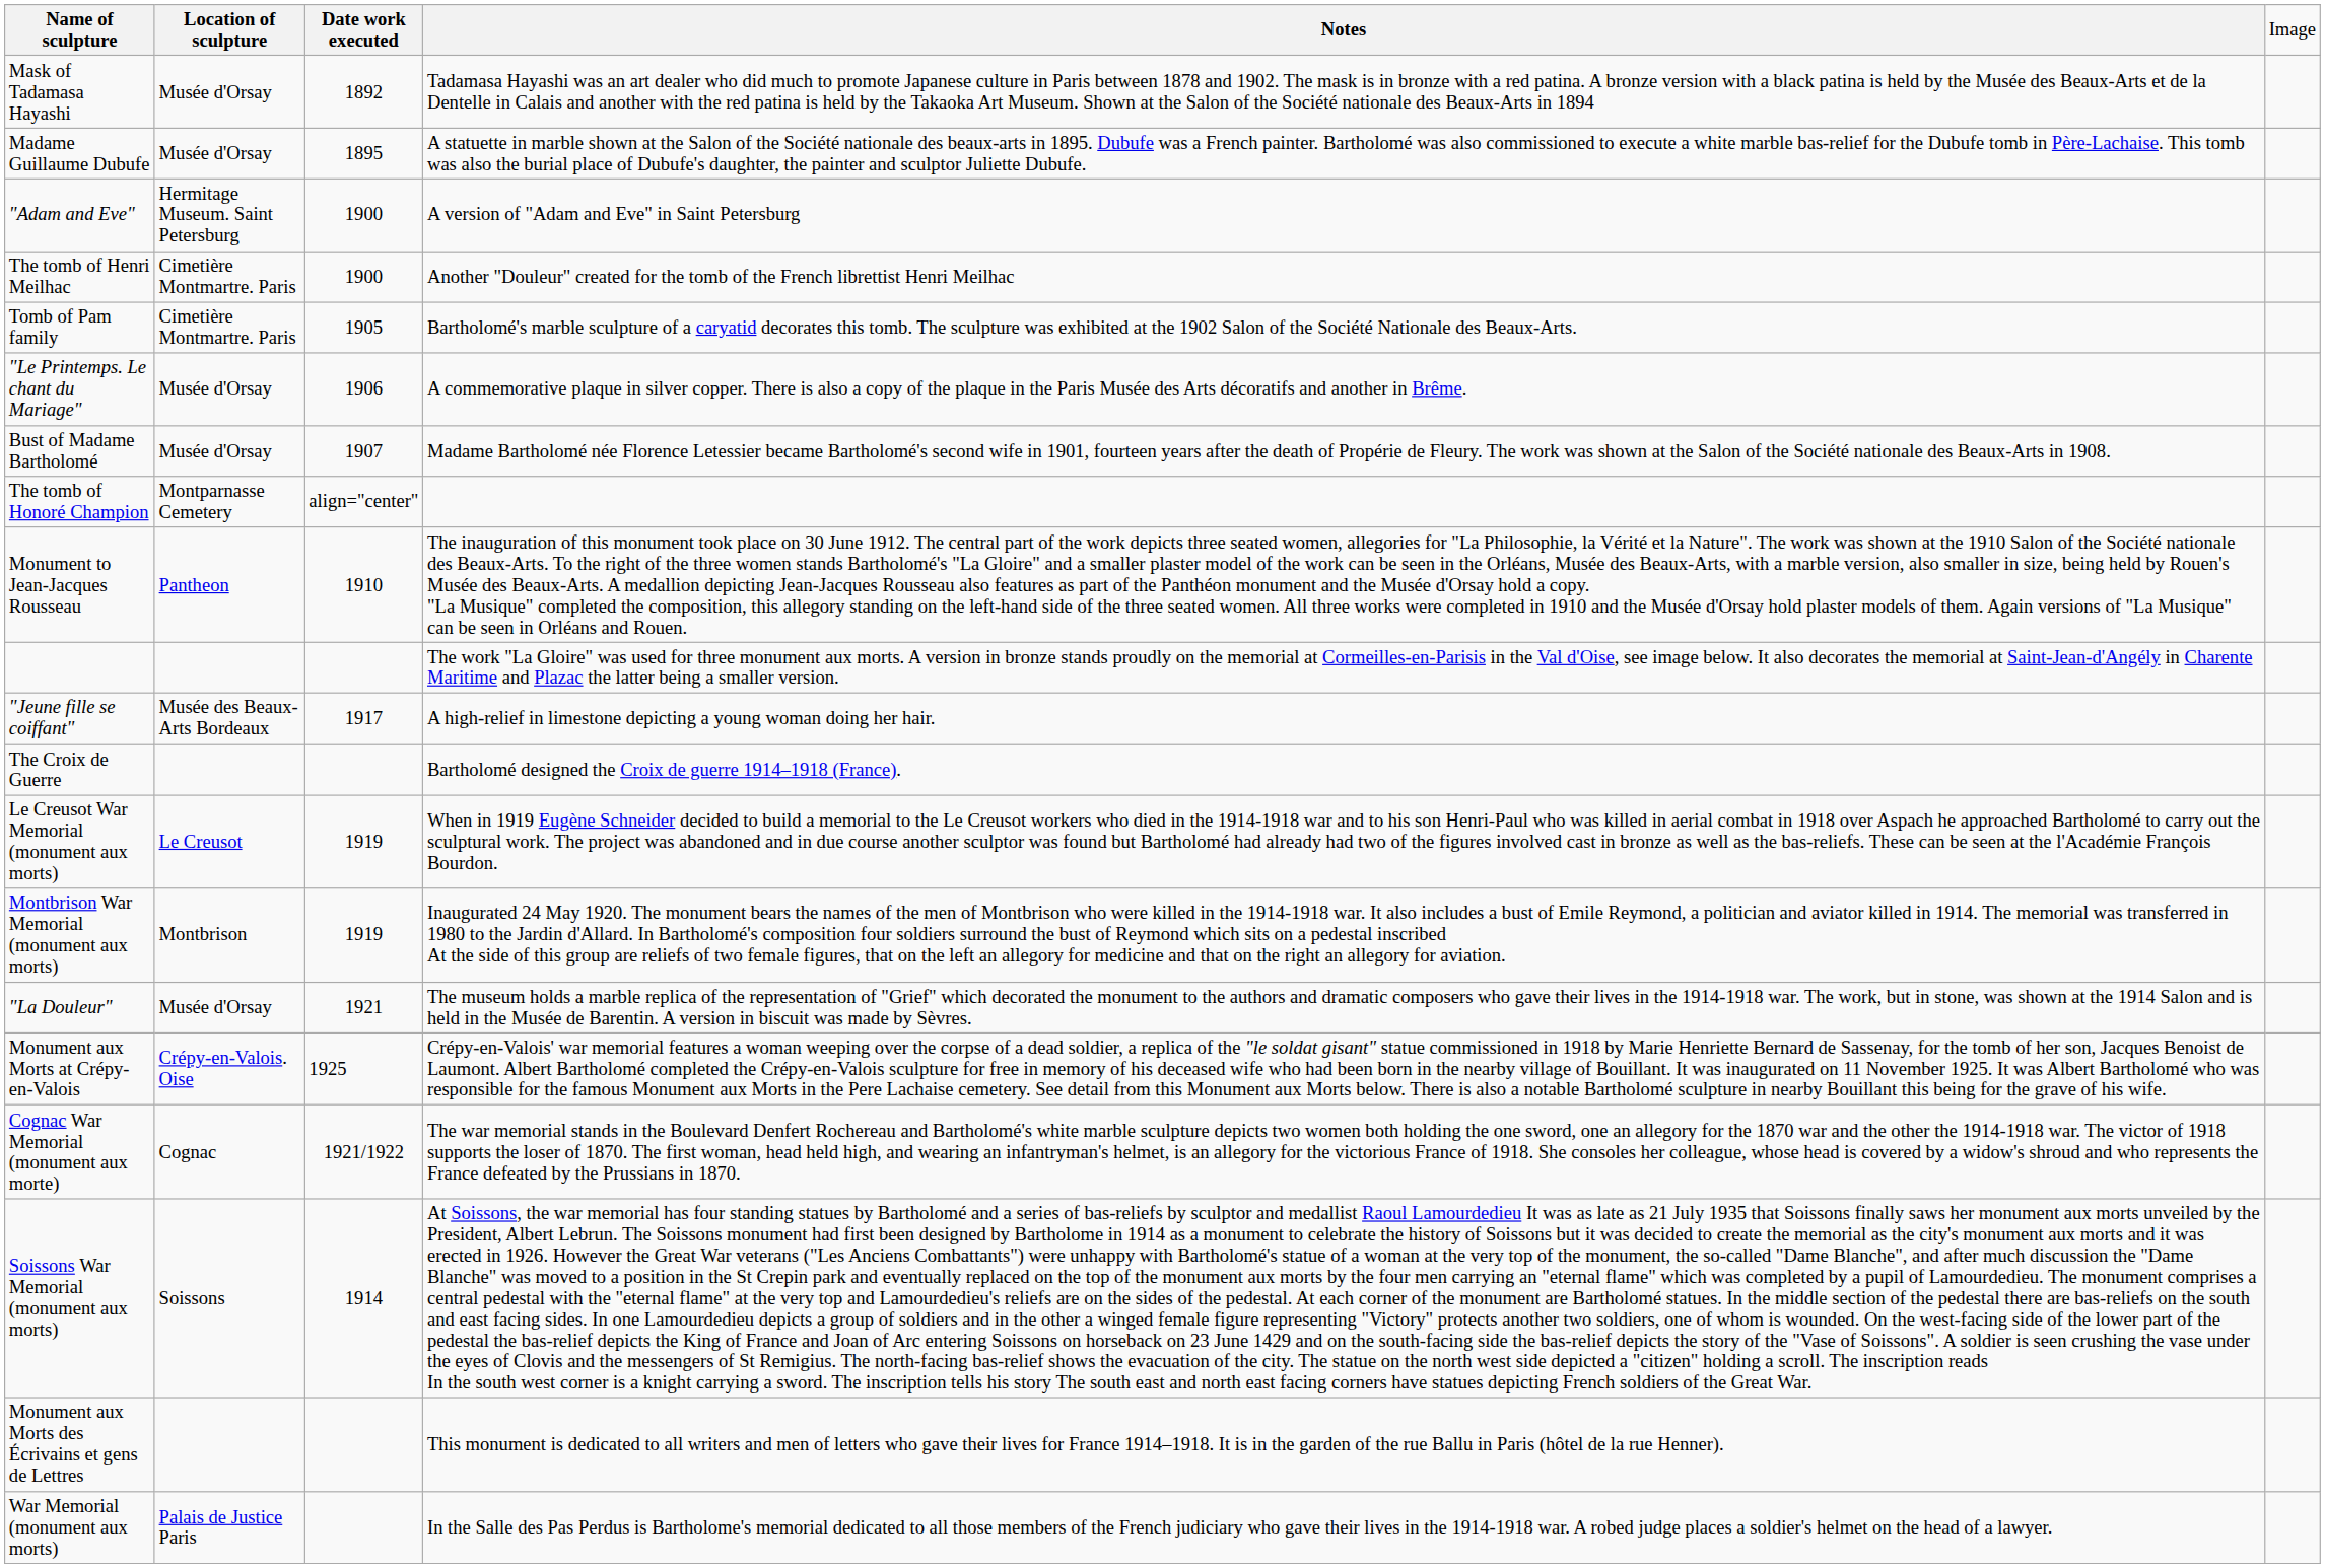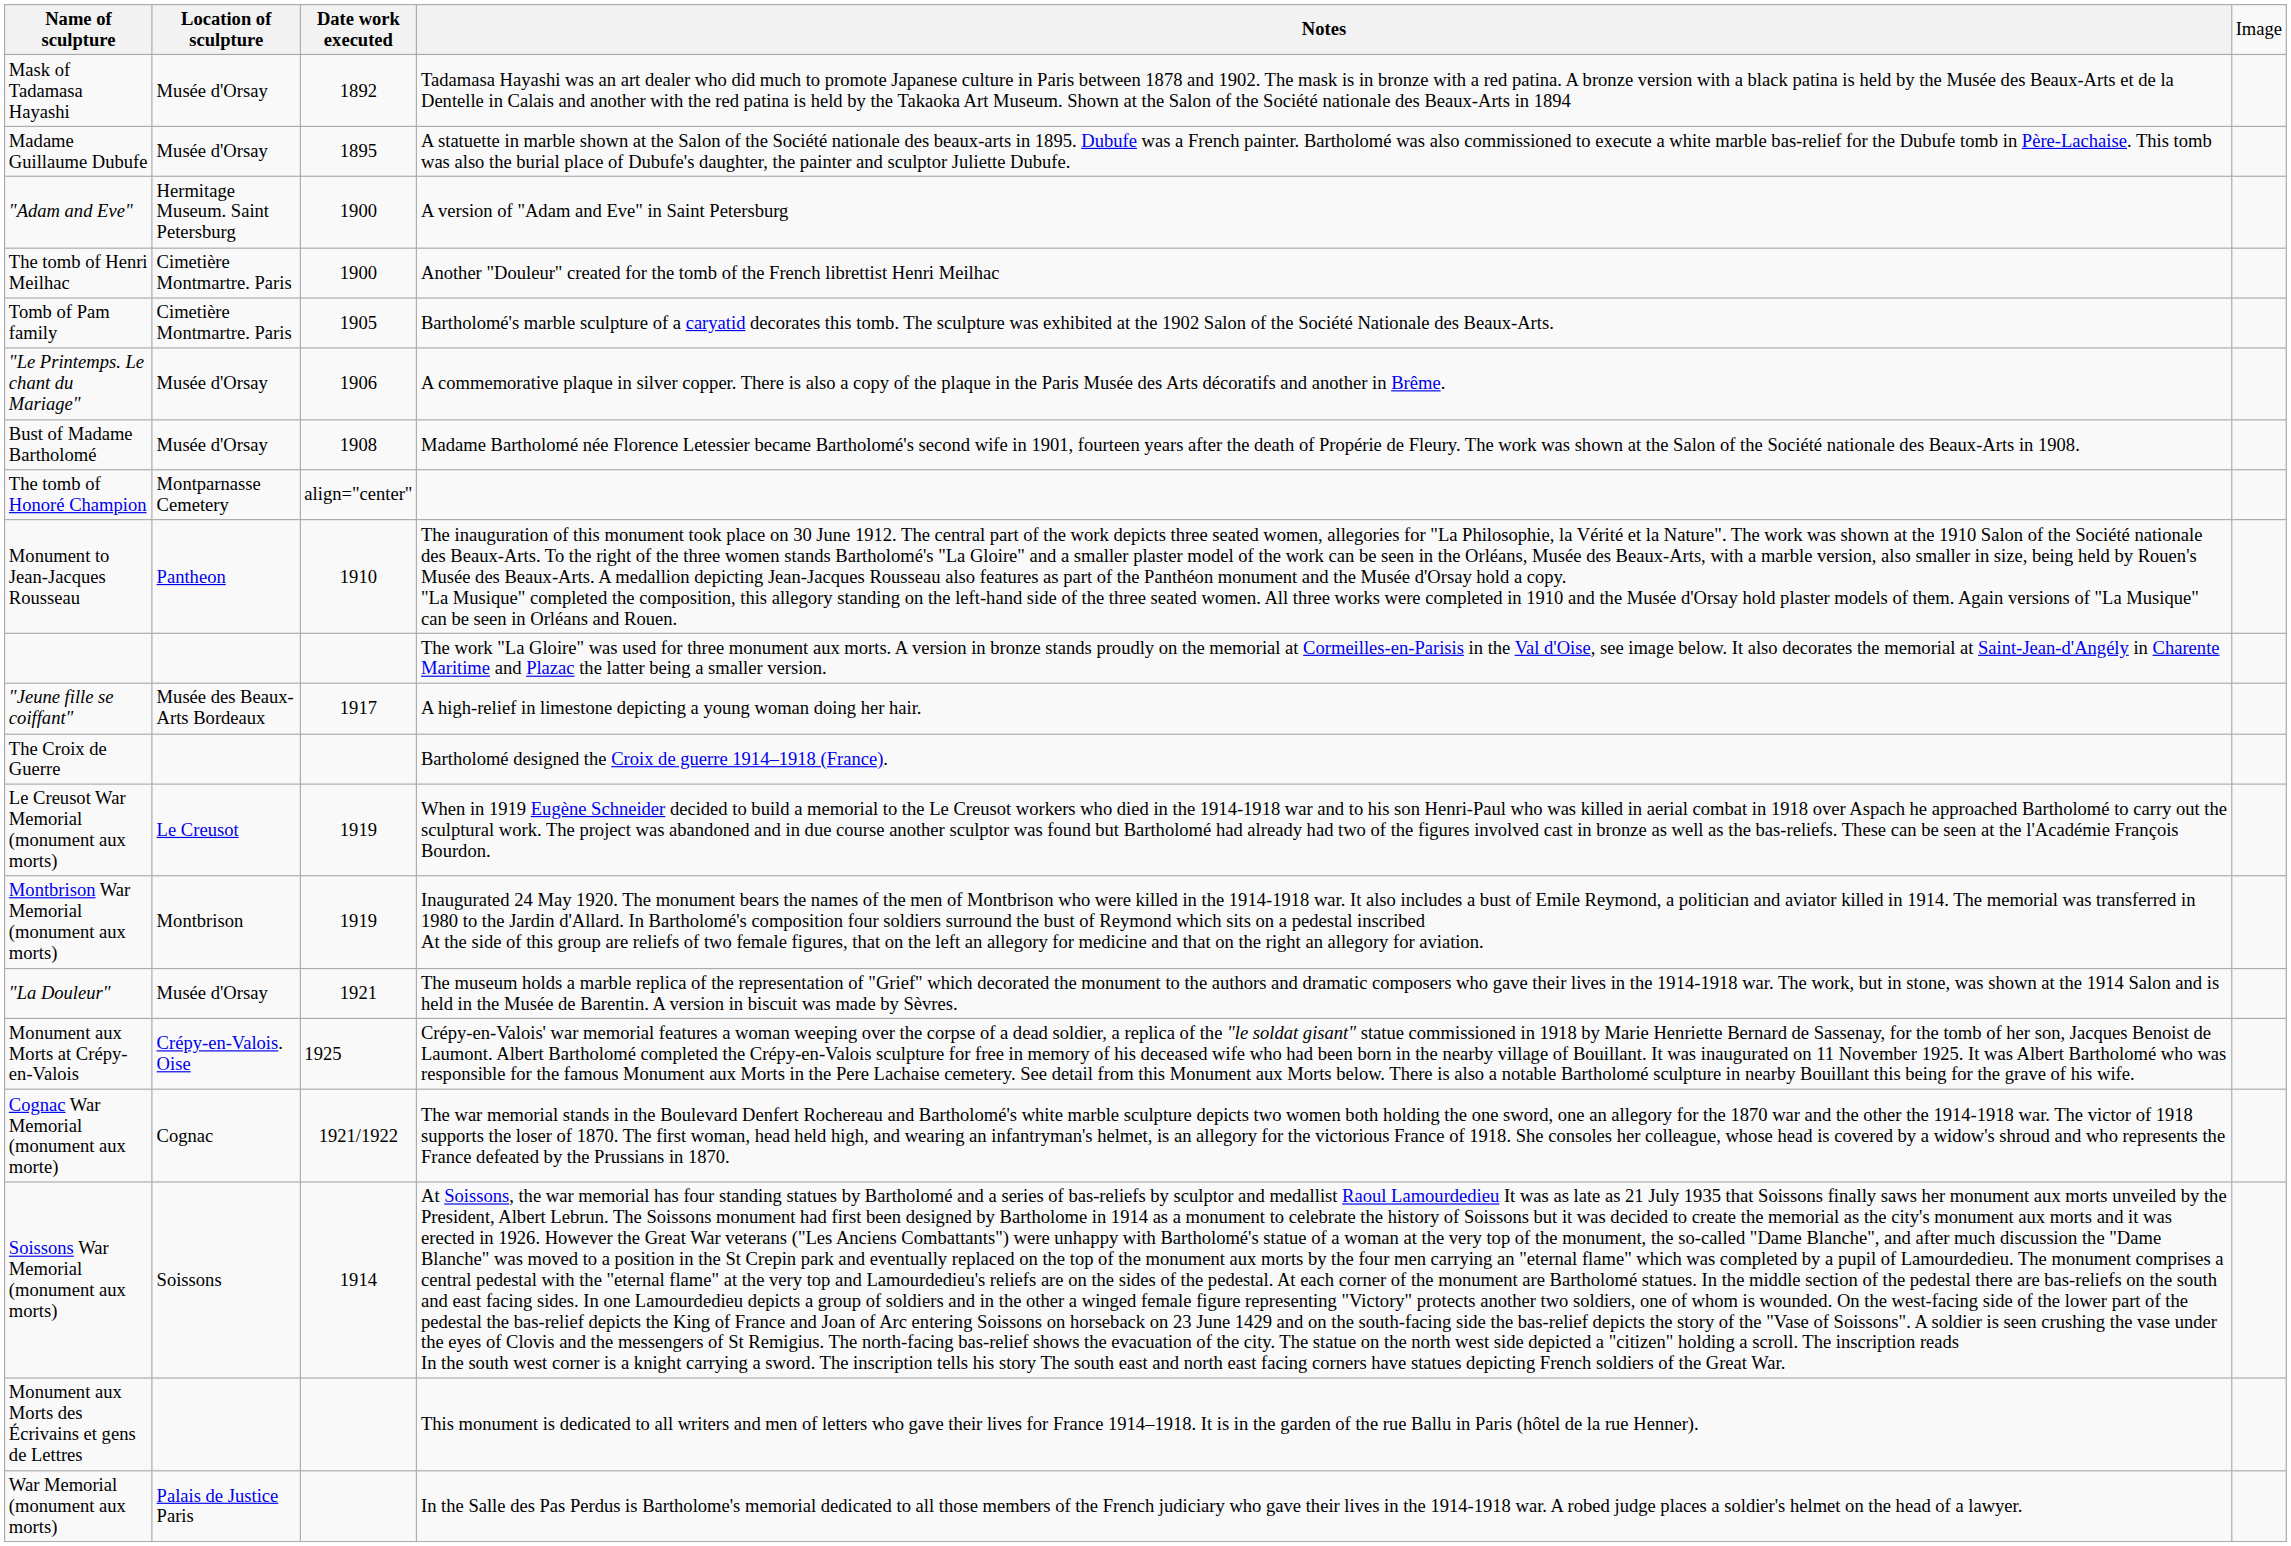 <table class="wikitable sortable plainrowheaders">
 <tr>
 <th style="width:120px">Name of sculpture</th>
 <th style="width:120px">Location of sculpture</th>
 <th style="width:50px">Date work executed</th>
 <th class="unsortable">Notes</th>
 <td>Image</td>
 </tr>
 <tr>
 <td>Mask of Tadamasa Hayashi</td>
 <td>Musée d'Orsay</td>
 <td align="center">1892</td>
 <td>Tadamasa Hayashi was an art dealer who did much to promote Japanese culture in Paris between 1878 and 1902. The mask is in bronze with a red patina. A bronze version with a black patina is held by the Musée des Beaux-Arts et de la Dentelle in Calais and another with the red patina is held by the Takaoka Art Museum. Shown at the Salon of the Société nationale des Beaux-Arts in 1894</td>
 <td></td>
 </tr>
 <tr>
 <td>Madame Guillaume Dubufe</td>
 <td>Musée d'Orsay</td>
 <td align="center">1895</td>
 <td>A statuette in marble shown at the Salon of the Société nationale des beaux-arts in 1895. <a href='#'>Dubufe</a> was a French painter. Bartholomé was also commissioned to execute a white marble bas-relief for the Dubufe tomb in <a href='#'>Père-Lachaise</a>. This tomb was also the burial place of Dubufe's daughter, the painter and sculptor Juliette Dubufe.</td>
 <td></td>
 </tr>
 <tr>
 <td><em>"Adam and Eve"</em></td>
 <td>Hermitage Museum. Saint Petersburg</td>
 <td align="center">1900</td>
 <td>A version of "Adam and Eve" in Saint Petersburg</td>
 <td></td>
 </tr>
 <tr>
 <td>The tomb of Henri Meilhac</td>
 <td>Cimetière Montmartre. Paris</td>
 <td align="center">1900</td>
 <td>Another "Douleur" created for the tomb of the French librettist Henri Meilhac</td>
 <td></td>
 </tr>
 <tr>
 <td>Tomb of Pam family</td>
 <td>Cimetière Montmartre. Paris</td>
 <td align="center">1905</td>
 <td>Bartholomé's marble sculpture of a <a href='#'>caryatid</a> decorates this tomb. The sculpture was exhibited at the 1902 Salon of the Société Nationale des Beaux-Arts.</td>
 <td></td>
 </tr>
 <tr>
 <td><em>"Le Printemps. Le chant du Mariage"</em></td>
 <td>Musée d'Orsay</td>
 <td align="center">1906</td>
 <td>A commemorative plaque in silver copper. There is also a copy of the plaque in the Paris Musée des Arts décoratifs and another in <a href='#'>Brême</a>.</td>
 <td></td>
 </tr>
 <tr>
 <td>Bust of Madame Bartholomé</td>
 <td>Musée d'Orsay</td>
-<td align="center">1907</td>
+<td align="center">1908</td>
 <td>Madame Bartholomé née Florence Letessier became Bartholomé's second wife in 1901, fourteen years after the death of Propérie de Fleury. The work was shown at the Salon of the Société nationale des Beaux-Arts in 1908.</td>
 <td></td>
 </tr>
 <tr>
 <td>The tomb of <a href='#'>Honoré Champion</a></td>
 <td>Montparnasse Cemetery</td>
 <td>align="center"</td>
 <td></td>
 <td></td>
 </tr>
 <tr>
 <td>Monument to Jean-Jacques Rousseau</td>
 <td><a href='#'>Pantheon</a></td>
 <td align="center">1910</td>
 <td>The inauguration of this monument took place on 30 June 1912. The central part of the work depicts three seated women, allegories for "La Philosophie, la Vérité et la Nature". The work was shown at the 1910 Salon of the Société nationale des Beaux-Arts. To the right of the three women stands Bartholomé's "La Gloire" and a smaller plaster model of the work can be seen in the Orléans, Musée des Beaux-Arts, with a marble version, also smaller in size, being held by Rouen's Musée des Beaux-Arts. A medallion depicting Jean-Jacques Rousseau also features as part of the Panthéon monument and the Musée d'Orsay hold a copy.<br>"La Musique" completed the composition, this allegory standing on the left-hand side of the three seated women. All three works were completed in 1910 and the Musée d'Orsay hold plaster models of them. Again versions of  "La Musique"  can be seen in Orléans and Rouen.</td>
 <td></td>
 </tr>
 <tr>
 <td></td>
 <td></td>
 <td></td>
 <td>The work "La Gloire" was used for three monument aux morts. A version in bronze stands proudly on the memorial at <a href='#'>Cormeilles-en-Parisis</a> in the <a href='#'>Val d'Oise</a>, see image below. It also decorates the memorial at <a href='#'>Saint-Jean-d'Angély</a> in <a href='#'>Charente Maritime</a> and <a href='#'>Plazac</a> the latter being a smaller version.</td>
 <td></td>
 </tr>
 <tr>
 <td><em>"Jeune fille se coiffant"</em></td>
 <td>Musée des Beaux-Arts Bordeaux</td>
 <td align="center">1917</td>
 <td>A high-relief in limestone depicting a young woman doing her hair.</td>
 </tr>
 <tr>
 <td>The Croix de Guerre</td>
 <td></td>
 <td></td>
 <td>Bartholomé designed the <a href='#'>Croix de guerre 1914–1918 (France)</a>.</td>
 <td></td>
 </tr>
 <tr>
 <td>Le Creusot War Memorial (monument aux morts)</td>
 <td><a href='#'>Le Creusot</a></td>
 <td align="center">1919</td>
 <td>When in 1919 <a href='#'>Eugène Schneider</a> decided to build a memorial to the Le Creusot workers who died in the 1914-1918 war and to his son Henri-Paul who was killed in aerial combat in 1918 over Aspach he approached Bartholomé to carry out the sculptural work. The project was abandoned and in due course another sculptor was found but Bartholomé had already had two of the figures involved cast in bronze as well as the bas-reliefs.  These can be seen at the l'Académie François Bourdon.</td>
 <td></td>
 </tr>
 <tr>
 <td><a href='#'>Montbrison</a> War Memorial (monument aux morts)</td>
 <td>Montbrison</td>
 <td align="center">1919</td>
 <td>Inaugurated 24 May 1920. The monument bears the names of the men of Montbrison who were killed in the 1914-1918 war. It also includes a bust of Emile Reymond, a politician and aviator killed in 1914. The memorial was transferred in 1980 to the Jardin d'Allard. In Bartholomé's composition four soldiers surround the bust of Reymond which sits on a pedestal inscribed <br>At the side of this group are reliefs of two female figures, that on the left an allegory for medicine and that on the right an allegory for aviation.</td>
 <td></td>
 </tr>
 <tr>
 <td><em>"La Douleur"</em></td>
 <td>Musée d'Orsay</td>
 <td align="center">1921</td>
 <td>The museum holds a marble replica of the representation of "Grief" which decorated the monument to the authors and dramatic composers who gave their lives in the 1914-1918 war. The work, but in stone, was shown at the 1914 Salon and is held in the Musée de Barentin. A version in biscuit was made by Sèvres.</td>
 <td></td>
 </tr>
 <tr>
 <td>Monument aux Morts at Crépy-en-Valois</td>
 <td><a href='#'>Crépy-en-Valois</a>. <a href='#'>Oise</a></td>
 <td>1925</td>
 <td>Crépy-en-Valois' war memorial features a woman weeping over the corpse of a dead soldier, a replica of the <em>"le soldat gisant"</em> statue commissioned in 1918 by Marie Henriette Bernard de Sassenay, for the tomb of her son, Jacques Benoist de Laumont. Albert Bartholomé completed the Crépy-en-Valois sculpture for free in memory of his deceased wife who had been born in the nearby village of Bouillant. It was inaugurated on 11 November 1925. It was Albert Bartholomé who was responsible for the famous Monument aux Morts in the Pere Lachaise cemetery. See detail from this Monument aux Morts below. There is also a notable Bartholomé sculpture in nearby Bouillant this being for the grave of his wife.</td>
 <td></td>
 </tr>
 <tr>
 <td><a href='#'>Cognac</a> War Memorial (monument aux morte)</td>
 <td>Cognac</td>
 <td align="center">1921/1922</td>
 <td>The war memorial stands in the Boulevard Denfert Rochereau and Bartholomé's white marble sculpture depicts two women both holding the one sword, one an allegory for the 1870 war and the other the 1914-1918 war. The victor of 1918 supports the loser of 1870. The first woman, head held high, and wearing an infantryman's helmet, is an allegory for the victorious France of 1918. She consoles her colleague, whose head is covered by a widow's shroud and who represents the France defeated by the Prussians in 1870.</td>
 <td></td>
 </tr>
 <tr>
 <td><a href='#'>Soissons</a> War Memorial (monument aux morts)</td>
 <td>Soissons</td>
 <td align="center">1914</td>
 <td>At <a href='#'>Soissons</a>, the war memorial has four standing statues by Bartholomé and a series of bas-reliefs by sculptor and medallist <a href='#'>Raoul Lamourdedieu</a>   It was as late as 21 July 1935 that Soissons finally saws her monument aux morts unveiled by the President, Albert Lebrun. The Soissons monument had first been designed by Bartholome in 1914 as a monument to celebrate the history of Soissons but it was decided to create the memorial as the city's monument aux morts and it was erected in 1926. However the Great War veterans ("Les Anciens Combattants") were unhappy with Bartholomé's statue of a woman at the very top of the monument, the so-called "Dame Blanche", and after much discussion the "Dame Blanche" was moved to a position in the St Crepin park and eventually replaced on the top of the monument aux morts by the four men carrying an "eternal flame" which was completed by a pupil of Lamourdedieu. The monument comprises a central pedestal with the "eternal flame" at the very top and Lamourdedieu's reliefs are on the sides of the pedestal. At each corner of the monument are Bartholomé statues.  In the middle section of the pedestal there are bas-reliefs on the south and east facing sides. In one Lamourdedieu depicts a group of soldiers and in the other a winged female figure representing "Victory" protects another two soldiers, one of whom is wounded. On the west-facing side of the lower part of the pedestal the bas-relief depicts the King of France and Joan of Arc entering Soissons on horseback on 23 June 1429 and on the south-facing side the bas-relief depicts the story of the "Vase of Soissons".  A soldier is seen crushing the vase under the eyes of Clovis and the messengers of St Remigius.  The north-facing bas-relief shows the evacuation of the city.  The statue on the north west side depicted a "citizen" holding a scroll. The inscription reads<br>In the south west corner is a knight carrying a sword. The inscription tells his story The south east and north east facing corners have statues depicting French soldiers of the Great War.</td>
 <td></td>
 </tr>
 <tr>
 <td>Monument aux Morts des Écrivains et gens de Lettres</td>
 <td></td>
 <td align="center"></td>
 <td>This monument is dedicated to all writers and men of letters who gave their lives for France 1914–1918. It is in the garden of the rue Ballu in Paris (hôtel de la rue Henner).</td>
 <td></td>
 </tr>
 <tr>
 <td>War Memorial (monument aux morts)</td>
 <td><a href='#'>Palais de Justice</a> Paris</td>
 <td align="center"></td>
 <td>In the Salle des Pas Perdus is Bartholome's memorial dedicated to all those members of the French judiciary who gave their lives in the 1914-1918 war. A robed judge places a soldier's helmet on the head of a lawyer.</td>
 <td></td>
 </tr>
 <tr>
 </tr>
 </table>
